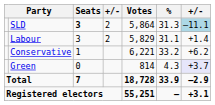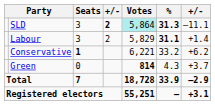 <table class="wikitable sortable">
 <tr>
 <th colspan="2">Party</th>
 <th>Seats</th>
 <th>+/-</th>
 <th>Votes</th>
 <th>%</th>
 <th>+/-</th>
 </tr>
 <tr>
 <td style="background-color: "></td>
 <td><a href='#'>SLD</a></td>
-<td><strong>3</strong></td>
-<td> 2</td>
-<td style="text-align:right;">5,864</td>
-<td style="text-align:right;">31.3</td>
-<td style="background: lightblue; text-align:right;">–11.1</td>
+<td>3</td>
+<td><strong> 2</strong></td>
+<td style="background: paleturquoise; text-align:right;">5,864</td>
+<td style="text-align:right;"><strong>31.3</strong></td>
+<td style="text-align:right;">–11.1</td>
 </tr>
 <tr>
 <td style="background-color: "></td>
 <td><a href='#'>Labour</a></td>
 <td>3</td>
 <td> 2</td>
 <td style="text-align:right;">5,829</td>
-<td style="text-align:right;">31.1</td>
+<td style="text-align:right;"><strong>31.1</strong></td>
 <td style="text-align:right;">+1.4</td>
 </tr>
 <tr>
 <td style="background-color: "></td>
 <td><a href='#'>Conservative</a></td>
-<td>1</td>
+<td><strong>1</strong></td>
 <td></td>
 <td style="text-align:right;">6,221</td>
 <td style="text-align:right;">33.2</td>
 <td style="text-align:right;">+6.2</td>
 </tr>
 <tr>
 <td style="background-color: "></td>
 <td><a href='#'>Green</a></td>
 <td>0</td>
 <td></td>
-<td style="text-align:right;">814</td>
+<td style="text-align:right;"><strong>814</strong></td>
 <td style="text-align:right;">4.3</td>
-<td style="background: lavender; text-align:right;">+3.7</td>
+<td style="text-align:right;">+3.7</td>
 </tr>
 <tr>
 <td colspan="2"><strong>Total</strong></td>
 <td><strong>7</strong></td>
 <td></td>
 <td style="text-align:right;"><strong>18,728</strong></td>
 <td style="text-align:right;"><strong>33.9</strong></td>
 <td style="text-align:right;"><strong>–2.9</strong></td>
 </tr>
 <tr>
 <td colspan="4"><strong>Registered electors</strong></td>
 <td style="text-align:right;"><strong>55,251</strong></td>
 <td style="text-align:right;"><strong>–</strong></td>
 <td style="text-align:right;"><strong>+3.1</strong></td>
 </tr>
 </table>
